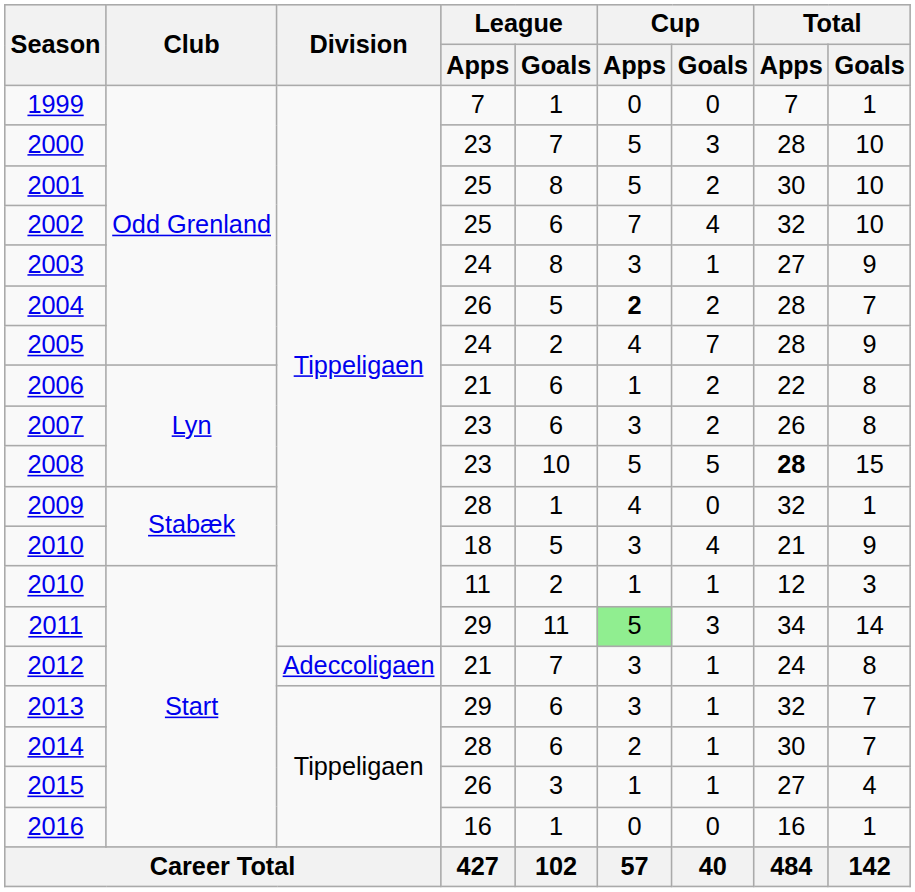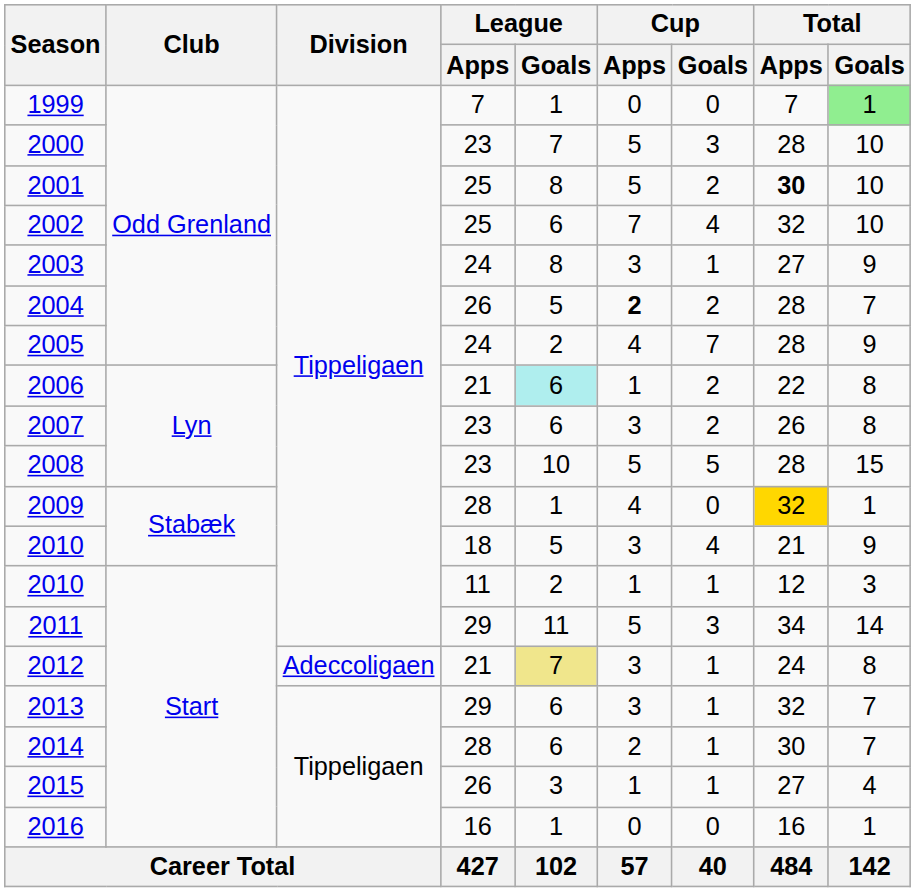 <table class="wikitable" style="text-align: center;">
 <tr>
 <th rowspan="2">Season</th>
 <th rowspan="2">Club</th>
 <th rowspan="2">Division</th>
 <th colspan="2">League</th>
 <th colspan="2">Cup</th>
 <th colspan="2">Total</th>
 </tr>
 <tr>
 <th>Apps</th>
 <th>Goals</th>
 <th>Apps</th>
 <th>Goals</th>
 <th>Apps</th>
 <th>Goals</th>
 </tr>
 <tr>
 <td><a href='#'>1999</a></td>
 <td rowspan="7" valign="center"><a href='#'>Odd Grenland</a></td>
 <td rowspan="14" valign="center"><a href='#'>Tippeligaen</a></td>
 <td>7</td>
 <td>1</td>
 <td>0</td>
 <td>0</td>
 <td>7</td>
-<td>1</td>
+<td style="background: lightgreen;">1</td>
 </tr>
 <tr>
 <td><a href='#'>2000</a></td>
 <td>23</td>
 <td>7</td>
 <td>5</td>
 <td>3</td>
 <td>28</td>
 <td>10</td>
 </tr>
 <tr>
 <td><a href='#'>2001</a></td>
 <td>25</td>
 <td>8</td>
 <td>5</td>
 <td>2</td>
-<td>30</td>
+<td><strong>30</strong></td>
 <td>10</td>
 </tr>
 <tr>
 <td><a href='#'>2002</a></td>
 <td>25</td>
 <td>6</td>
 <td>7</td>
 <td>4</td>
 <td>32</td>
 <td>10</td>
 </tr>
 <tr>
 <td><a href='#'>2003</a></td>
 <td>24</td>
 <td>8</td>
 <td>3</td>
 <td>1</td>
 <td>27</td>
 <td>9</td>
 </tr>
 <tr>
 <td><a href='#'>2004</a></td>
 <td>26</td>
 <td>5</td>
 <td><strong>2</strong></td>
 <td>2</td>
 <td>28</td>
 <td>7</td>
 </tr>
 <tr>
 <td><a href='#'>2005</a></td>
 <td>24</td>
 <td>2</td>
 <td>4</td>
 <td>7</td>
 <td>28</td>
 <td>9</td>
 </tr>
 <tr>
 <td><a href='#'>2006</a></td>
 <td rowspan="3" valign="center"><a href='#'>Lyn</a></td>
 <td>21</td>
-<td>6</td>
+<td style="background: paleturquoise;">6</td>
 <td>1</td>
 <td>2</td>
 <td>22</td>
 <td>8</td>
 </tr>
 <tr>
 <td><a href='#'>2007</a></td>
 <td>23</td>
 <td>6</td>
 <td>3</td>
 <td>2</td>
 <td>26</td>
 <td>8</td>
 </tr>
 <tr>
 <td><a href='#'>2008</a></td>
 <td>23</td>
 <td>10</td>
 <td>5</td>
 <td>5</td>
-<td><strong>28</strong></td>
+<td>28</td>
 <td>15</td>
 </tr>
 <tr>
 <td><a href='#'>2009</a></td>
 <td rowspan="2" valign="center"><a href='#'>Stabæk</a></td>
 <td>28</td>
 <td>1</td>
 <td>4</td>
 <td>0</td>
-<td>32</td>
+<td style="background: gold;">32</td>
 <td>1</td>
 </tr>
 <tr>
 <td><a href='#'>2010</a></td>
 <td>18</td>
 <td>5</td>
 <td>3</td>
 <td>4</td>
 <td>21</td>
 <td>9</td>
 </tr>
 <tr>
 <td><a href='#'>2010</a></td>
 <td rowspan="7" valign="center"><a href='#'>Start</a></td>
 <td>11</td>
 <td>2</td>
 <td>1</td>
 <td>1</td>
 <td>12</td>
 <td>3</td>
 </tr>
 <tr>
 <td><a href='#'>2011</a></td>
 <td>29</td>
 <td>11</td>
-<td style="background: lightgreen;">5</td>
+<td>5</td>
 <td>3</td>
 <td>34</td>
 <td>14</td>
 </tr>
 <tr>
 <td><a href='#'>2012</a></td>
 <td><a href='#'>Adeccoligaen</a></td>
 <td>21</td>
-<td>7</td>
+<td style="background: khaki;">7</td>
 <td>3</td>
 <td>1</td>
 <td>24</td>
 <td>8</td>
 </tr>
 <tr>
 <td><a href='#'>2013</a></td>
 <td rowspan="4" valign="center">Tippeligaen</td>
 <td>29</td>
 <td>6</td>
 <td>3</td>
 <td>1</td>
 <td>32</td>
 <td>7</td>
 </tr>
 <tr>
 <td><a href='#'>2014</a></td>
 <td>28</td>
 <td>6</td>
 <td>2</td>
 <td>1</td>
 <td>30</td>
 <td>7</td>
 </tr>
 <tr>
 <td><a href='#'>2015</a></td>
 <td>26</td>
 <td>3</td>
 <td>1</td>
 <td>1</td>
 <td>27</td>
 <td>4</td>
 </tr>
 <tr>
 <td><a href='#'>2016</a></td>
 <td>16</td>
 <td>1</td>
 <td>0</td>
 <td>0</td>
 <td>16</td>
 <td>1</td>
 </tr>
 <tr>
 <th colspan="3">Career Total</th>
 <th>427</th>
 <th>102</th>
 <th>57</th>
 <th>40</th>
 <th>484</th>
 <th>142</th>
 </tr>
 </table>
